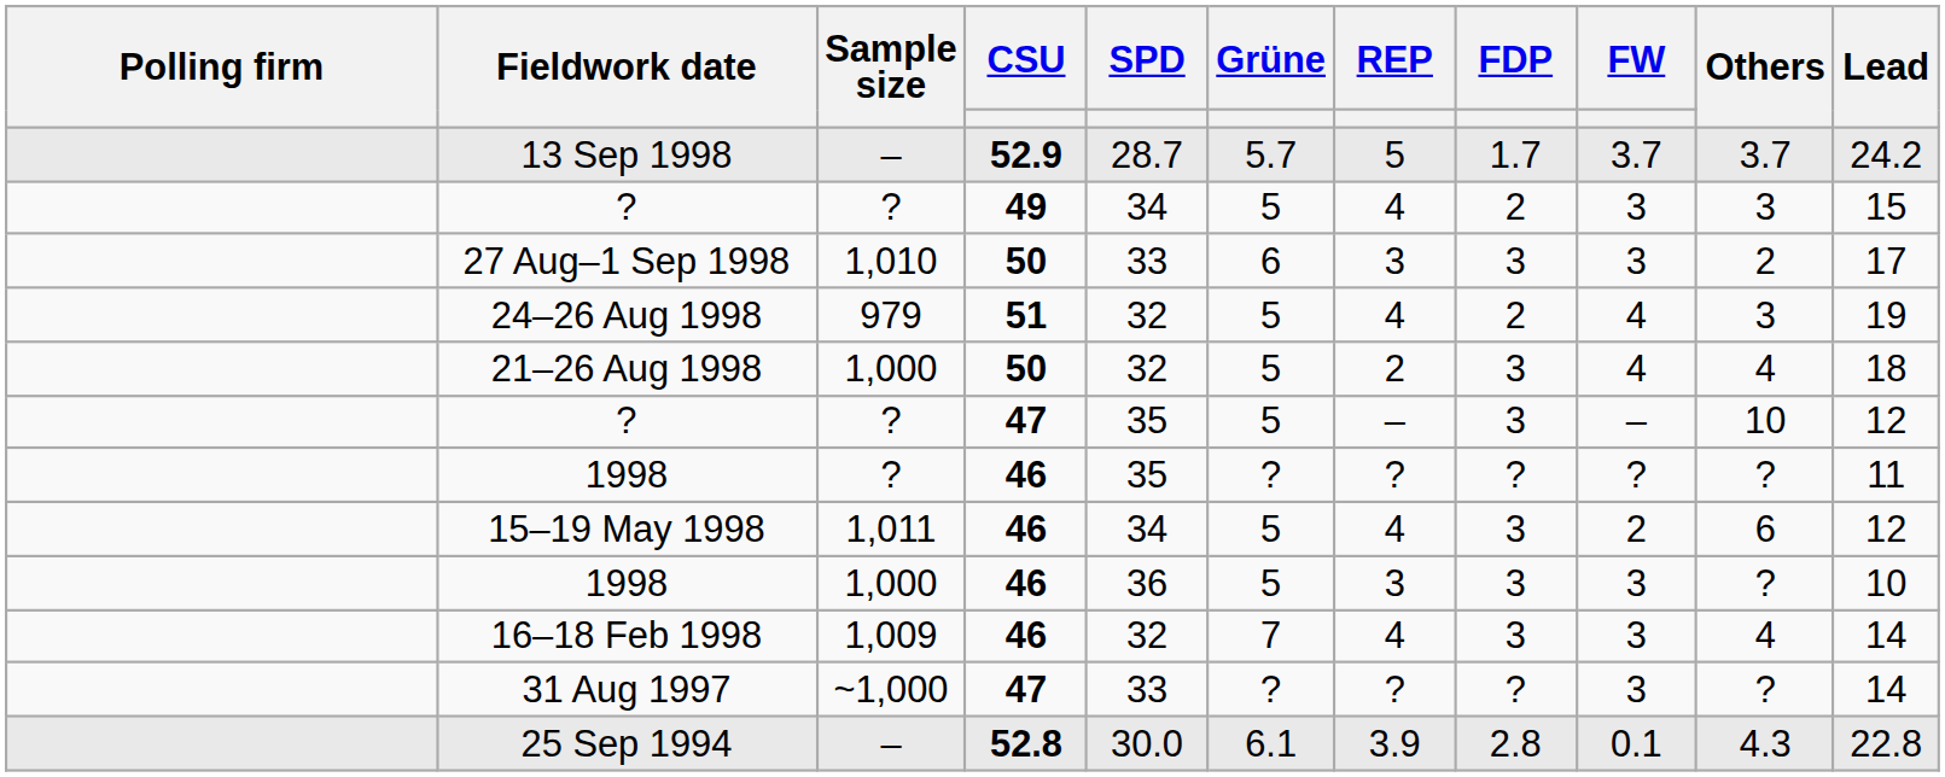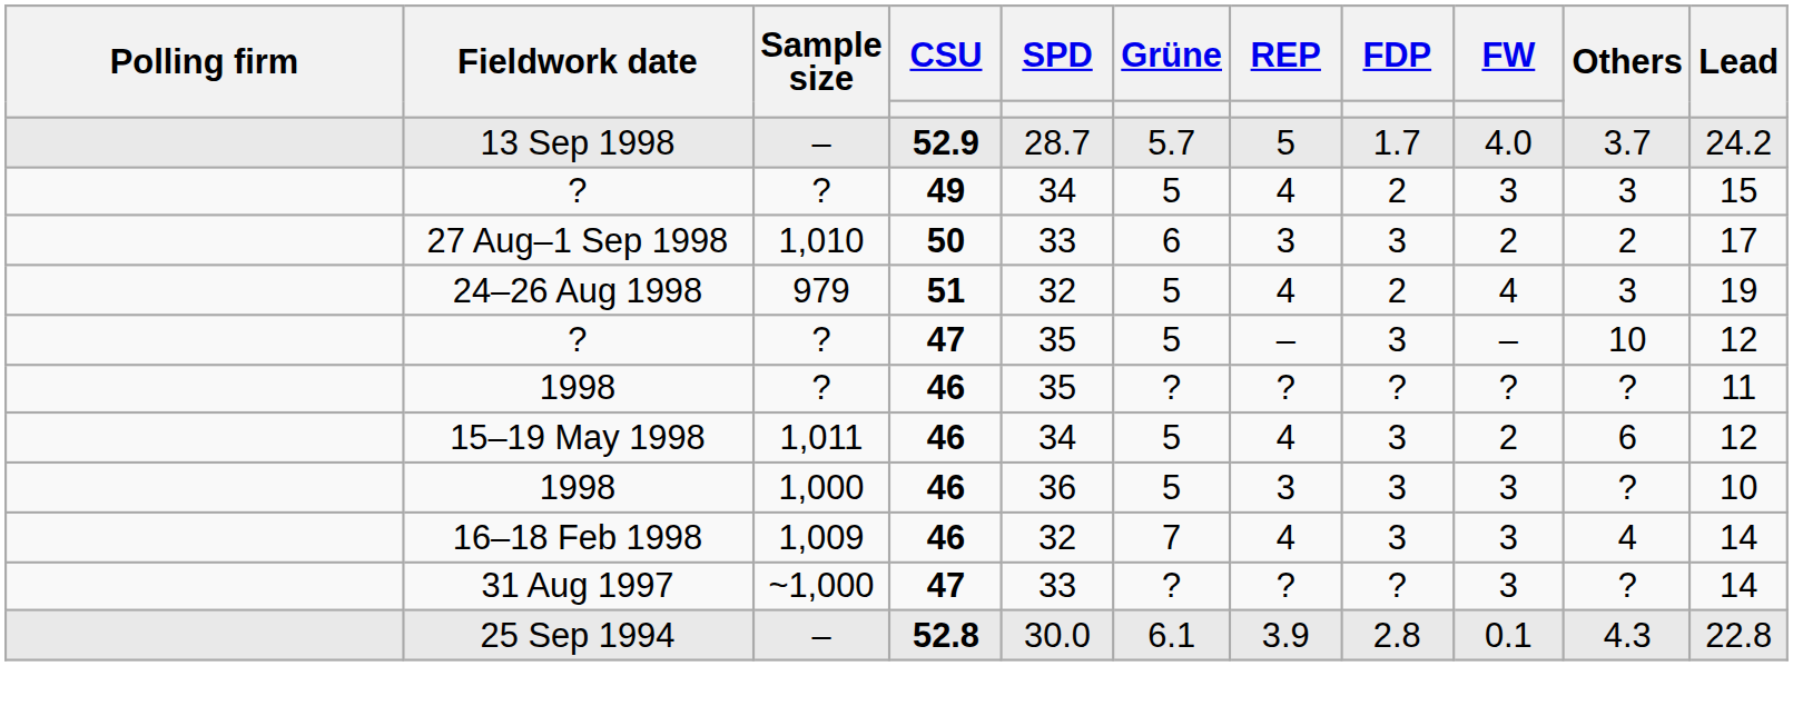 <table class="wikitable sortable" style="text-align:center;font-size:90%;line-height:14px;">
 <tr style="height:40px;">
 <th style="width:160px;" rowspan="2">Polling firm</th>
 <th style="width:140px;" rowspan="2">Fieldwork date</th>
 <th style="width:35px;" rowspan="2">Sample<br>size</th>
 <th class="unsortable" style="width:40px;"><a href='#'>CSU</a></th>
 <th class="unsortable" style="width:40px;"><a href='#'>SPD</a></th>
 <th class="unsortable" style="width:40px;"><a href='#'>Grüne</a></th>
 <th class="unsortable" style="width:40px;"><a href='#'>REP</a></th>
 <th class="unsortable" style="width:40px;"><a href='#'>FDP</a></th>
 <th class="unsortable" style="width:40px;"><a href='#'>FW</a></th>
 <th class="unsortable" style="width:40px;" rowspan="2">Others</th>
 <th style="width:30px;" rowspan="2">Lead</th>
 </tr>
 <tr>
 <th style="background:"></th>
 <th style="background:"></th>
 <th style="background:"></th>
 <th style="background:"></th>
 <th style="background:"></th>
 <th style="background:"></th>
 </tr>
 <tr style="background:#E9E9E9;">
 <td></td>
 <td data-sort-value="1998-09-13">13 Sep 1998</td>
 <td>–</td>
 <td><strong>52.9</strong></td>
 <td>28.7</td>
 <td>5.7</td>
 <td>5</td>
 <td>1.7</td>
-<td>3.7</td>
+<td>4.0</td>
 <td>3.7</td>
 <td style="background:">24.2</td>
 </tr>
 <tr>
 <td></td>
 <td data-sort-value="1998-09-11">?</td>
 <td>?</td>
 <td><strong>49</strong></td>
 <td>34</td>
 <td>5</td>
 <td>4</td>
 <td>2</td>
 <td>3</td>
 <td>3</td>
 <td style="background:">15</td>
 </tr>
 <tr>
 <td></td>
 <td data-sort-value="1998-09-06">27 Aug–1 Sep 1998</td>
 <td>1,010</td>
 <td><strong>50</strong></td>
 <td>33</td>
 <td>6</td>
 <td>3</td>
 <td>3</td>
-<td>3</td>
+<td>2</td>
 <td>2</td>
 <td style="background:">17</td>
 </tr>
 <tr>
 <td></td>
 <td data-sort-value="1998-08-28">24–26 Aug 1998</td>
 <td>979</td>
 <td><strong>51</strong></td>
 <td>32</td>
 <td>5</td>
 <td>4</td>
 <td>2</td>
 <td>4</td>
 <td>3</td>
 <td style="background:">19</td>
-</tr>
-<tr>
-<td></td>
-<td data-sort-value="1998-08-28">21–26 Aug 1998</td>
-<td>1,000</td>
-<td><strong>50</strong></td>
-<td>32</td>
-<td>5</td>
-<td>2</td>
-<td>3</td>
-<td>4</td>
-<td>4</td>
-<td style="background:">18</td>
 </tr>
 <tr>
 <td></td>
 <td data-sort-value="1998-08-27">?</td>
 <td>?</td>
 <td><strong>47</strong></td>
 <td>35</td>
 <td>5</td>
 <td>–</td>
 <td>3</td>
 <td>–</td>
 <td>10</td>
 <td style="background:">12</td>
 </tr>
 <tr>
 <td></td>
 <td data-sort-value="1998-07-09">1998</td>
 <td>?</td>
 <td><strong>46</strong></td>
 <td>35</td>
 <td>?</td>
 <td>?</td>
 <td>?</td>
 <td>?</td>
 <td>?</td>
 <td style="background:">11</td>
 </tr>
 <tr>
 <td></td>
 <td data-sort-value="1998-05-22">15–19 May 1998</td>
 <td>1,011</td>
 <td><strong>46</strong></td>
 <td>34</td>
 <td>5</td>
 <td>4</td>
 <td>3</td>
 <td>2</td>
 <td>6</td>
 <td style="background:">12</td>
 </tr>
 <tr>
 <td></td>
 <td data-sort-value="1998-04-03">1998</td>
 <td>1,000</td>
 <td><strong>46</strong></td>
 <td>36</td>
 <td>5</td>
 <td>3</td>
 <td>3</td>
 <td>3</td>
 <td>?</td>
 <td style="background:">10</td>
 </tr>
 <tr>
 <td></td>
 <td data-sort-value="1998-02-21">16–18 Feb 1998</td>
 <td>1,009</td>
 <td><strong>46</strong></td>
 <td>32</td>
 <td>7</td>
 <td>4</td>
 <td>3</td>
 <td>3</td>
 <td>4</td>
 <td style="background:">14</td>
 </tr>
 <tr>
 <td></td>
 <td data-sort-value="1997-08-31">31 Aug 1997</td>
 <td>~1,000</td>
 <td><strong>47</strong></td>
 <td>33</td>
 <td>?</td>
 <td>?</td>
 <td>?</td>
 <td>3</td>
 <td>?</td>
 <td style="background:">14</td>
 </tr>
 <tr style="background:#E9E9E9;">
 <td></td>
 <td data-sort-value="1994-09-25">25 Sep 1994</td>
 <td>–</td>
 <td><strong>52.8</strong></td>
 <td>30.0</td>
 <td>6.1</td>
 <td>3.9</td>
 <td>2.8</td>
 <td>0.1</td>
 <td>4.3</td>
 <td style="background:">22.8</td>
 </tr>
 </table>
